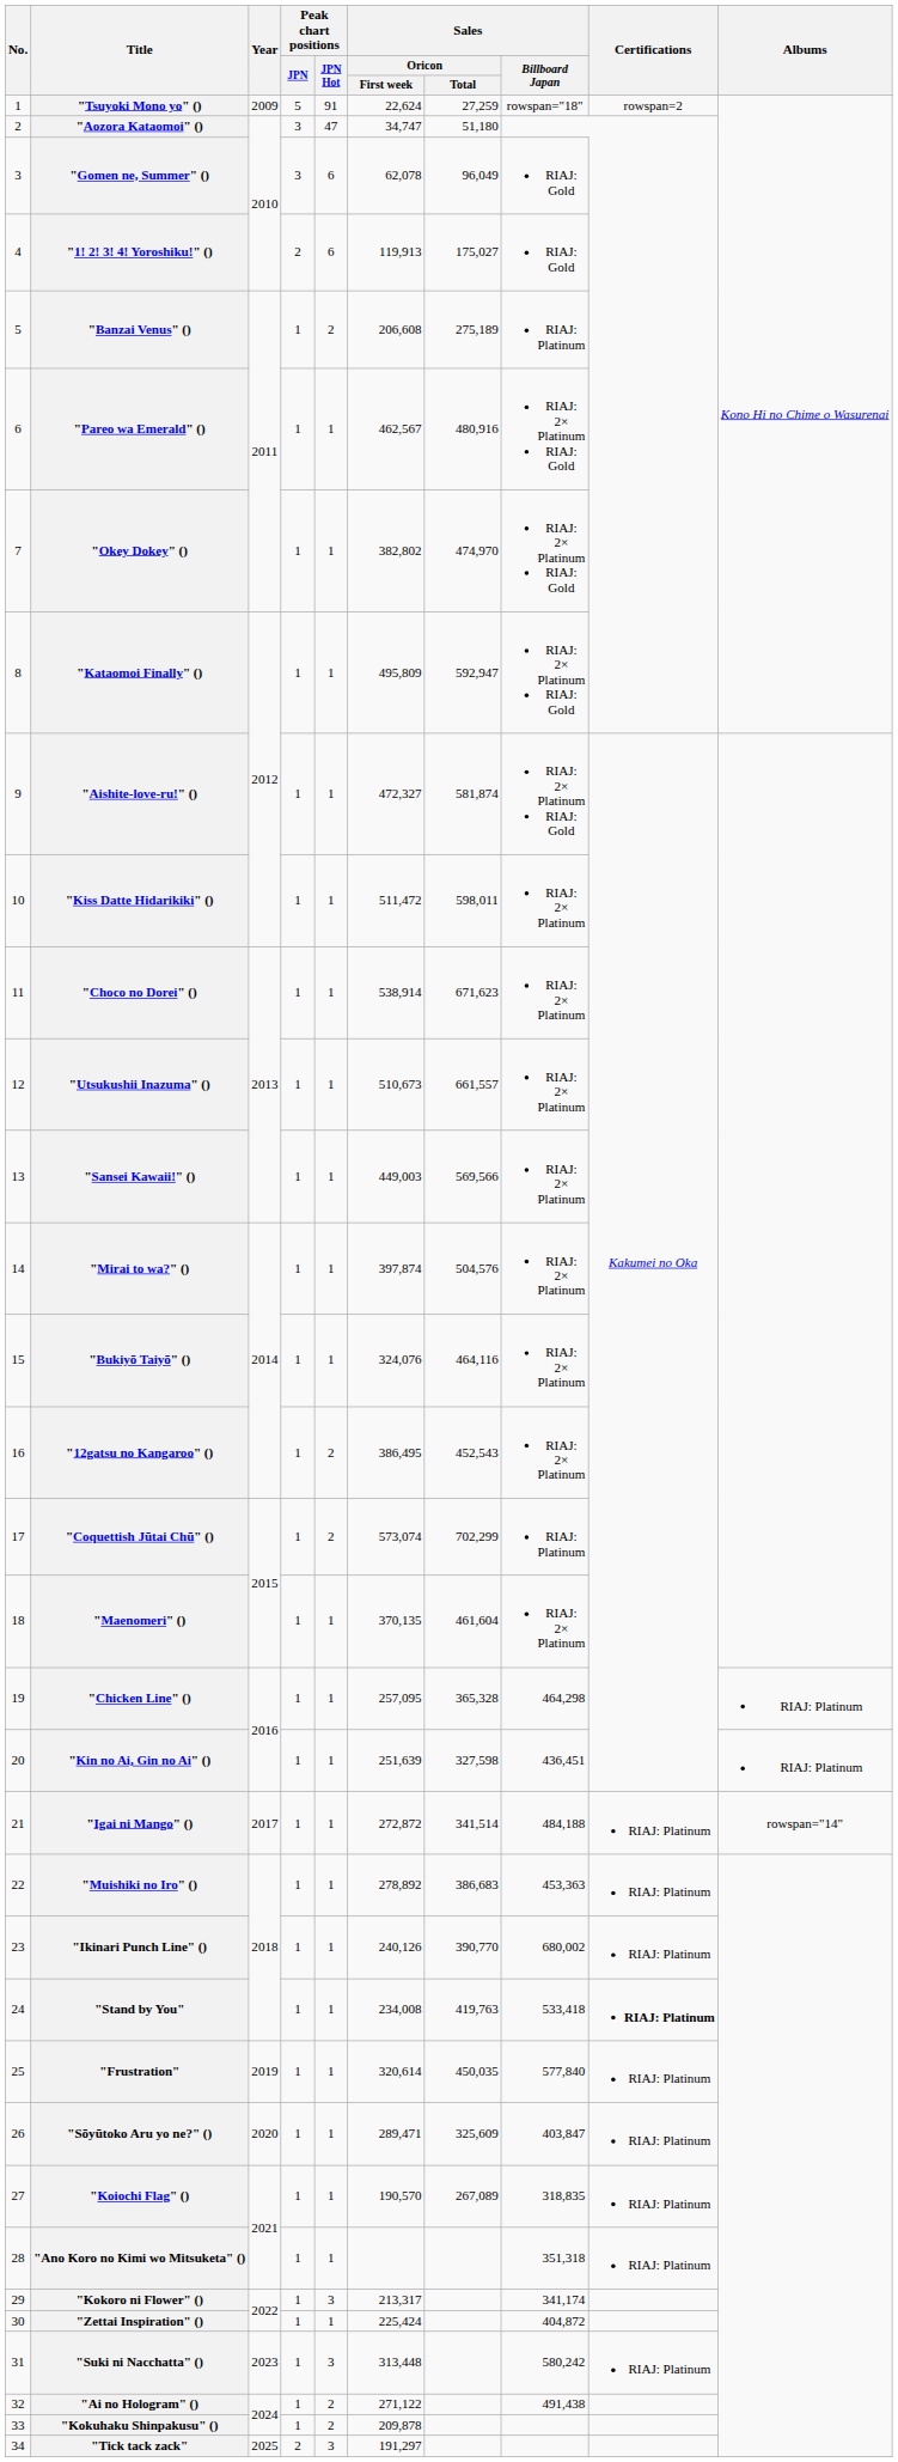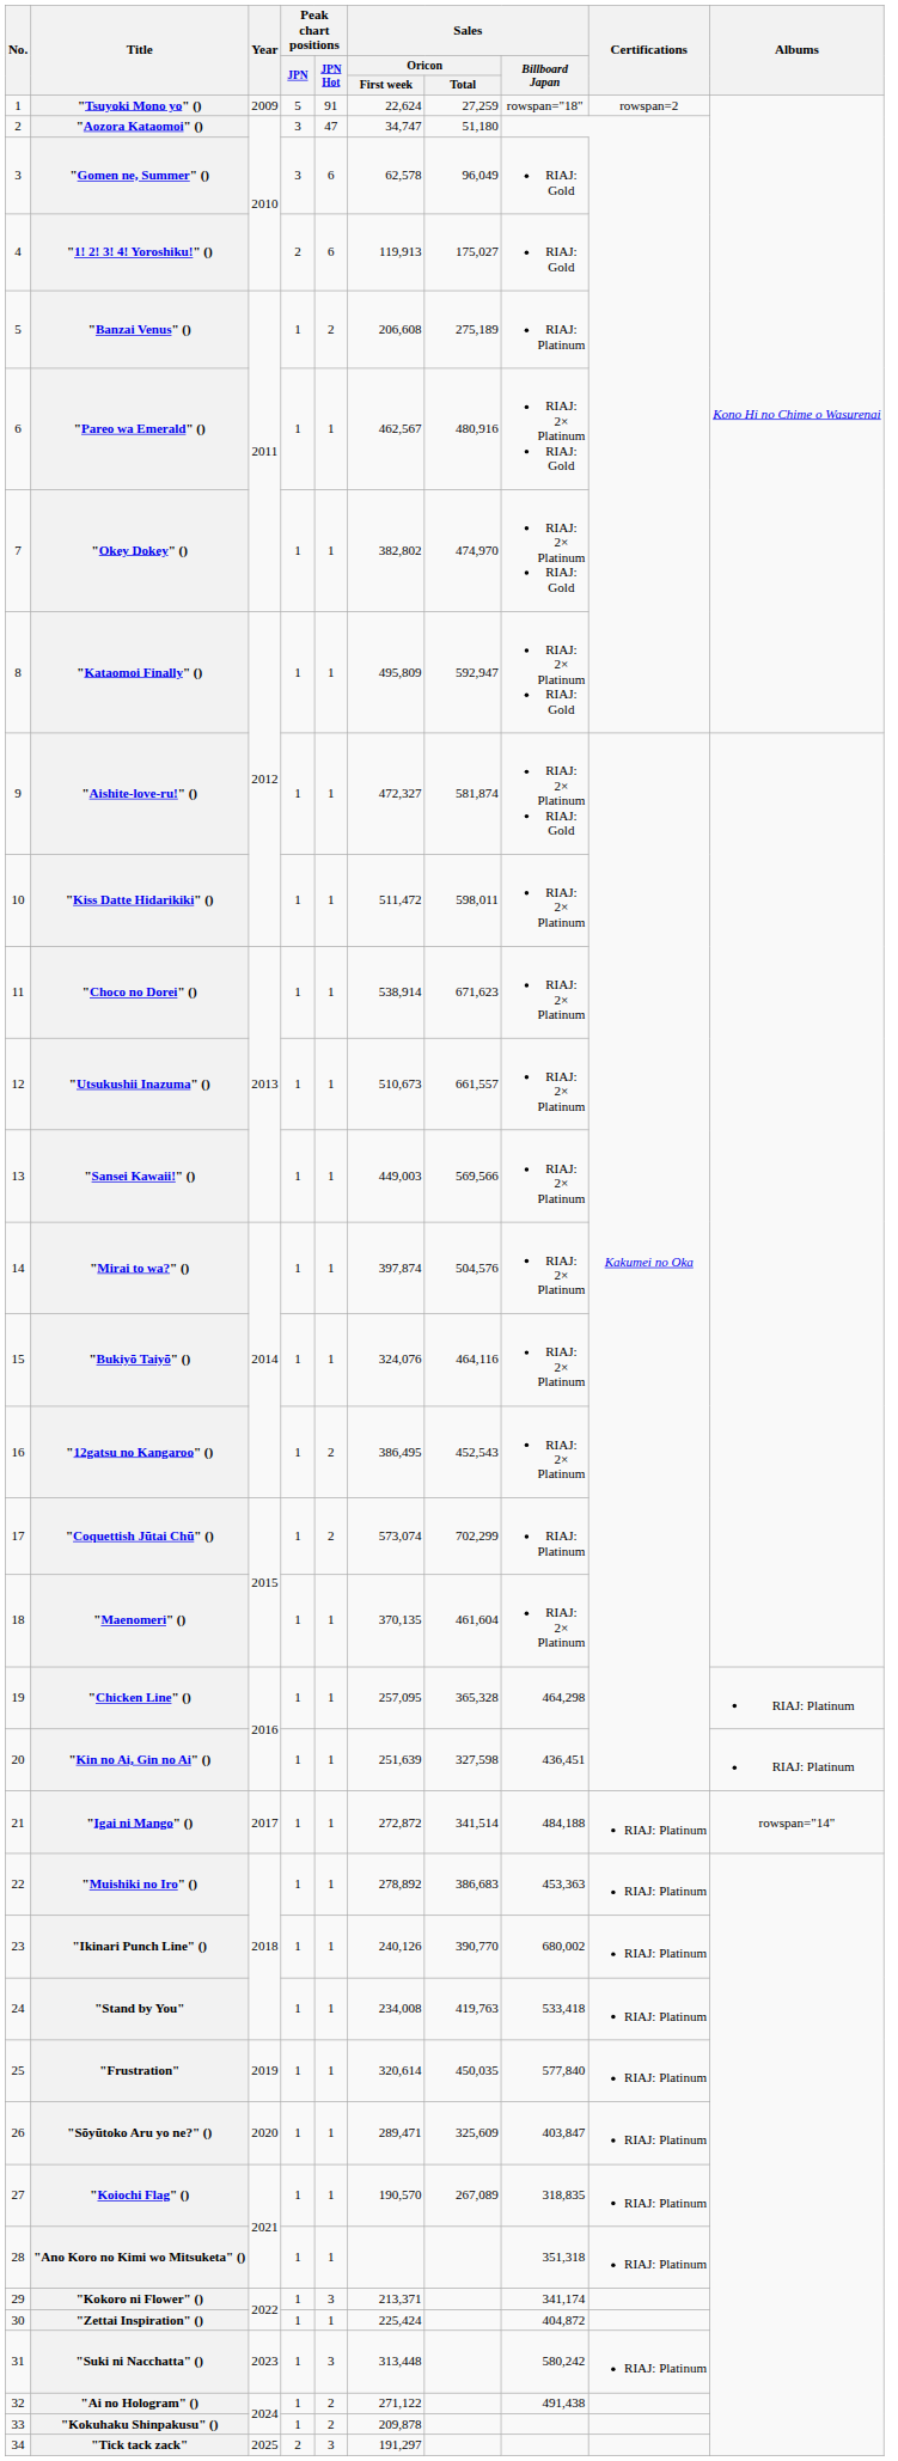 <table class="wikitable plainrowheaders" style="text-align:center;">
 <tr>
 <th rowspan="3">No.</th>
 <th rowspan="3">Title</th>
 <th rowspan="3">Year</th>
 <th colspan="2">Peak chart positions</th>
 <th colspan="3">Sales</th>
 <th rowspan="3">Certifications</th>
 <th rowspan="3">Albums</th>
 </tr>
 <tr>
 <th rowspan="2" style="width:2.5em;font-size:85%;"><a href='#'>JPN</a><br></th>
 <th rowspan="2" style="width:2.5em;font-size:85%;"><a href='#'>JPN<br>Hot</a><br></th>
 <th style="width:6em;font-size:90%;" colspan="2">Oricon</th>
 <th style="width:6em;font-size:90%;" rowspan="2"><em>Billboard<br>Japan</em></th>
 </tr>
 <tr>
 <th style="width:6em;font-size:90%;">First week</th>
 <th style="width:6em;font-size:90%;">Total</th>
 </tr>
 <tr>
 <td>1</td>
 <th scope="row">"<a href='#'>Tsuyoki Mono yo</a>" ()</th>
 <td>2009</td>
 <td>5</td>
 <td>91</td>
 <td align="right">22,624</td>
 <td align="right">27,259</td>
 <td>rowspan="18" </td>
 <td>rowspan=2 </td>
 <td rowspan="8"><em><a href='#'>Kono Hi no Chime o Wasurenai</a></em></td>
 </tr>
 <tr>
 <td>2</td>
 <th scope="row">"<a href='#'>Aozora Kataomoi</a>" ()</th>
 <td rowspan="3">2010</td>
 <td>3</td>
 <td>47</td>
 <td align="right">34,747</td>
 <td align="right">51,180</td>
 </tr>
 <tr>
 <td>3</td>
 <th scope="row">"<a href='#'>Gomen ne, Summer</a>" ()</th>
 <td>3</td>
 <td>6</td>
-<td align="right">62,078</td>
+<td align="right">62,578</td>
 <td align="right">96,049</td>
 <td><br><ul><li>RIAJ: Gold </li></ul></td>
 </tr>
 <tr>
 <td>4</td>
 <th scope="row">"<a href='#'>1! 2! 3! 4! Yoroshiku!</a>" ()</th>
 <td>2</td>
 <td>6</td>
 <td align="right">119,913</td>
 <td align="right">175,027</td>
 <td><br><ul><li>RIAJ: Gold </li></ul></td>
 </tr>
 <tr>
 <td>5</td>
 <th scope="row">"<a href='#'>Banzai Venus</a>" ()</th>
 <td rowspan="3">2011</td>
 <td>1</td>
 <td>2</td>
 <td align="right">206,608</td>
 <td align="right">275,189</td>
 <td><br><ul><li>RIAJ: Platinum </li></ul></td>
 </tr>
 <tr>
 <td>6</td>
 <th scope="row">"<a href='#'>Pareo wa Emerald</a>" ()</th>
 <td>1</td>
 <td>1</td>
 <td align="right">462,567</td>
 <td align="right">480,916</td>
 <td><br><ul><li>RIAJ: 2× Platinum </li><li>RIAJ: Gold </li></ul></td>
 </tr>
 <tr>
 <td>7</td>
 <th scope="row">"<a href='#'>Okey Dokey</a>" ()</th>
 <td>1</td>
 <td>1</td>
 <td align="right">382,802</td>
 <td align="right">474,970</td>
 <td><br><ul><li>RIAJ: 2× Platinum </li><li>RIAJ: Gold </li></ul></td>
 </tr>
 <tr>
 <td>8</td>
 <th scope="row">"<a href='#'>Kataomoi Finally</a>" ()</th>
 <td rowspan="3">2012</td>
 <td>1</td>
 <td>1</td>
 <td align="right">495,809</td>
 <td align="right">592,947</td>
 <td><br><ul><li>RIAJ: 2× Platinum </li><li>RIAJ: Gold </li></ul></td>
 </tr>
 <tr>
 <td>9</td>
 <th scope="row">"<a href='#'>Aishite-love-ru!</a>" ()</th>
 <td>1</td>
 <td>1</td>
 <td align="right">472,327</td>
 <td align="right">581,874</td>
 <td><br><ul><li>RIAJ: 2× Platinum </li><li>RIAJ: Gold </li></ul></td>
 <td rowspan="12"><em><a href='#'>Kakumei no Oka</a></em></td>
 </tr>
 <tr>
 <td>10</td>
 <th scope="row">"<a href='#'>Kiss Datte Hidarikiki</a>" ()</th>
 <td>1</td>
 <td>1</td>
 <td align="right">511,472</td>
 <td align="right">598,011</td>
 <td><br><ul><li>RIAJ: 2× Platinum </li></ul></td>
 </tr>
 <tr>
 <td>11</td>
 <th scope="row">"<a href='#'>Choco no Dorei</a>" ()</th>
 <td rowspan="3">2013</td>
 <td>1</td>
 <td>1</td>
 <td align="right">538,914</td>
 <td align="right">671,623</td>
 <td><br><ul><li>RIAJ: 2× Platinum </li></ul></td>
 </tr>
 <tr>
 <td>12</td>
 <th scope="row">"<a href='#'>Utsukushii Inazuma</a>" ()</th>
 <td>1</td>
 <td>1</td>
 <td align="right">510,673</td>
 <td align="right">661,557</td>
 <td><br><ul><li>RIAJ: 2× Platinum </li></ul></td>
 </tr>
 <tr>
 <td>13</td>
 <th scope="row">"<a href='#'>Sansei Kawaii!</a>" ()</th>
 <td>1</td>
 <td>1</td>
 <td align="right">449,003</td>
 <td align="right">569,566</td>
 <td><br><ul><li>RIAJ: 2× Platinum </li></ul></td>
 </tr>
 <tr>
 <td>14</td>
 <th scope="row">"<a href='#'>Mirai to wa?</a>" ()</th>
 <td rowspan="3">2014</td>
 <td>1</td>
 <td>1</td>
 <td align="right">397,874</td>
 <td align="right">504,576</td>
 <td><br><ul><li>RIAJ: 2× Platinum </li></ul></td>
 </tr>
 <tr>
 <td>15</td>
 <th scope="row">"<a href='#'>Bukiyō Taiyō</a>" ()</th>
 <td>1</td>
 <td>1</td>
 <td align="right">324,076</td>
 <td align="right">464,116</td>
 <td><br><ul><li>RIAJ: 2× Platinum </li></ul></td>
 </tr>
 <tr>
 <td>16</td>
 <th scope="row">"<a href='#'>12gatsu no Kangaroo</a>" ()</th>
 <td>1</td>
 <td>2</td>
 <td align="right">386,495</td>
 <td align="right">452,543</td>
 <td><br><ul><li>RIAJ: 2× Platinum </li></ul></td>
 </tr>
 <tr>
 <td>17</td>
 <th scope="row">"<a href='#'>Coquettish Jūtai Chū</a>" ()</th>
 <td rowspan="2">2015</td>
 <td>1</td>
 <td>2</td>
 <td align="right">573,074</td>
 <td align="right">702,299</td>
 <td><br><ul><li>RIAJ: Platinum </li></ul></td>
 </tr>
 <tr>
 <td>18</td>
 <th scope="row">"<a href='#'>Maenomeri</a>" ()</th>
 <td>1</td>
 <td>1</td>
 <td align="right">370,135</td>
 <td align="right">461,604</td>
 <td><br><ul><li>RIAJ: 2× Platinum </li></ul></td>
 </tr>
 <tr>
 <td>19</td>
 <th scope="row">"<a href='#'>Chicken Line</a>" ()</th>
 <td rowspan="2">2016</td>
 <td>1</td>
 <td>1</td>
 <td align="right">257,095</td>
 <td align="right">365,328</td>
 <td align="right">464,298</td>
 <td><br><ul><li>RIAJ: Platinum </li></ul></td>
 </tr>
 <tr>
 <td>20</td>
 <th scope="row">"<a href='#'>Kin no Ai, Gin no Ai</a>" ()</th>
 <td>1</td>
 <td>1</td>
 <td align="right">251,639</td>
 <td align="right">327,598</td>
 <td align="right">436,451</td>
 <td><br><ul><li>RIAJ: Platinum </li></ul></td>
 </tr>
 <tr>
 <td>21</td>
 <th scope="row">"<a href='#'>Igai ni Mango</a>" ()</th>
 <td>2017</td>
 <td>1</td>
 <td>1</td>
 <td align="right">272,872</td>
 <td align="right">341,514</td>
 <td align="right">484,188</td>
 <td><br><ul><li>RIAJ: Platinum </li></ul></td>
 <td>rowspan="14" </td>
 </tr>
 <tr>
 <td>22</td>
 <th scope="row">"<a href='#'>Muishiki no Iro</a>" ()</th>
 <td rowspan="3">2018</td>
 <td>1</td>
 <td>1</td>
 <td align="right">278,892</td>
 <td align="right">386,683</td>
 <td align="right">453,363</td>
 <td><br><ul><li>RIAJ: Platinum </li></ul></td>
 </tr>
 <tr>
 <td>23</td>
 <th scope="row">"Ikinari Punch Line" ()</th>
 <td>1</td>
 <td>1</td>
 <td align="right">240,126</td>
 <td align="right">390,770</td>
 <td align="right">680,002</td>
 <td><br><ul><li>RIAJ: Platinum </li></ul></td>
 </tr>
 <tr>
 <td>24</td>
 <th scope="row">"Stand by You"</th>
 <td>1</td>
 <td>1</td>
 <td align="right">234,008</td>
 <td align="right">419,763</td>
 <td align="right">533,418</td>
-<td><strong><br><ul><li>RIAJ: Platinum </li></ul></strong></td>
+<td><br><ul><li>RIAJ: Platinum </li></ul></td>
 </tr>
 <tr>
 <td>25</td>
 <th scope="row">"Frustration"</th>
 <td>2019</td>
 <td>1</td>
 <td>1</td>
 <td align="right">320,614</td>
 <td align="right">450,035</td>
 <td align="right">577,840</td>
 <td><br><ul><li>RIAJ: Platinum </li></ul></td>
 </tr>
 <tr>
 <td>26</td>
 <th scope="row">"Sōyūtoko Aru yo ne?" ()</th>
 <td>2020</td>
 <td>1</td>
 <td>1</td>
 <td align="right">289,471</td>
 <td align="right">325,609</td>
 <td align="right">403,847</td>
 <td><br><ul><li>RIAJ: Platinum </li></ul></td>
 </tr>
 <tr>
 <td>27</td>
 <th scope="row">"<a href='#'>Koiochi Flag</a>" ()</th>
 <td rowspan="2">2021</td>
 <td>1</td>
 <td>1</td>
 <td align="right">190,570</td>
 <td align="right">267,089</td>
 <td align="right">318,835</td>
 <td><br><ul><li>RIAJ: Platinum </li></ul></td>
 </tr>
 <tr>
 <td>28</td>
 <th scope="row">"Ano Koro no Kimi wo Mitsuketa" ()</th>
 <td>1</td>
 <td>1</td>
 <td></td>
 <td></td>
 <td align="right">351,318</td>
 <td><br><ul><li>RIAJ: Platinum </li></ul></td>
 </tr>
 <tr>
 <td>29</td>
 <th scope="row">"Kokoro ni Flower" ()</th>
 <td rowspan="2">2022</td>
 <td>1</td>
 <td>3</td>
-<td align="right">213,317</td>
+<td align="right">213,371</td>
 <td></td>
 <td align="right">341,174</td>
 <td></td>
 </tr>
 <tr>
 <td>30</td>
 <th scope="row">"Zettai Inspiration" ()</th>
 <td>1</td>
 <td>1</td>
 <td align="right">225,424</td>
 <td></td>
 <td align="right">404,872</td>
 <td></td>
 </tr>
 <tr>
 <td>31</td>
 <th scope="row">"Suki ni Nacchatta" ()</th>
 <td>2023</td>
 <td>1</td>
 <td>3</td>
 <td align="right">313,448</td>
 <td></td>
 <td align="right">580,242</td>
 <td><br><ul><li>RIAJ: Platinum </li></ul></td>
 </tr>
 <tr>
 <td>32</td>
 <th scope="row">"Ai no Hologram" ()</th>
 <td rowspan="2">2024</td>
 <td>1</td>
 <td>2</td>
 <td align="right">271,122</td>
 <td></td>
 <td align="right">491,438</td>
 <td></td>
 </tr>
 <tr>
 <td>33</td>
 <th scope="row">"Kokuhaku Shinpakusu" ()</th>
 <td>1</td>
 <td>2</td>
 <td align="right">209,878</td>
 <td></td>
 <td></td>
 <td></td>
 </tr>
 <tr>
 <td>34</td>
 <th scope="row">"Tick tack zack"</th>
 <td>2025</td>
 <td>2</td>
 <td>3</td>
 <td align="right">191,297</td>
 <td></td>
 <td></td>
 <td></td>
 </tr>
 </table>
